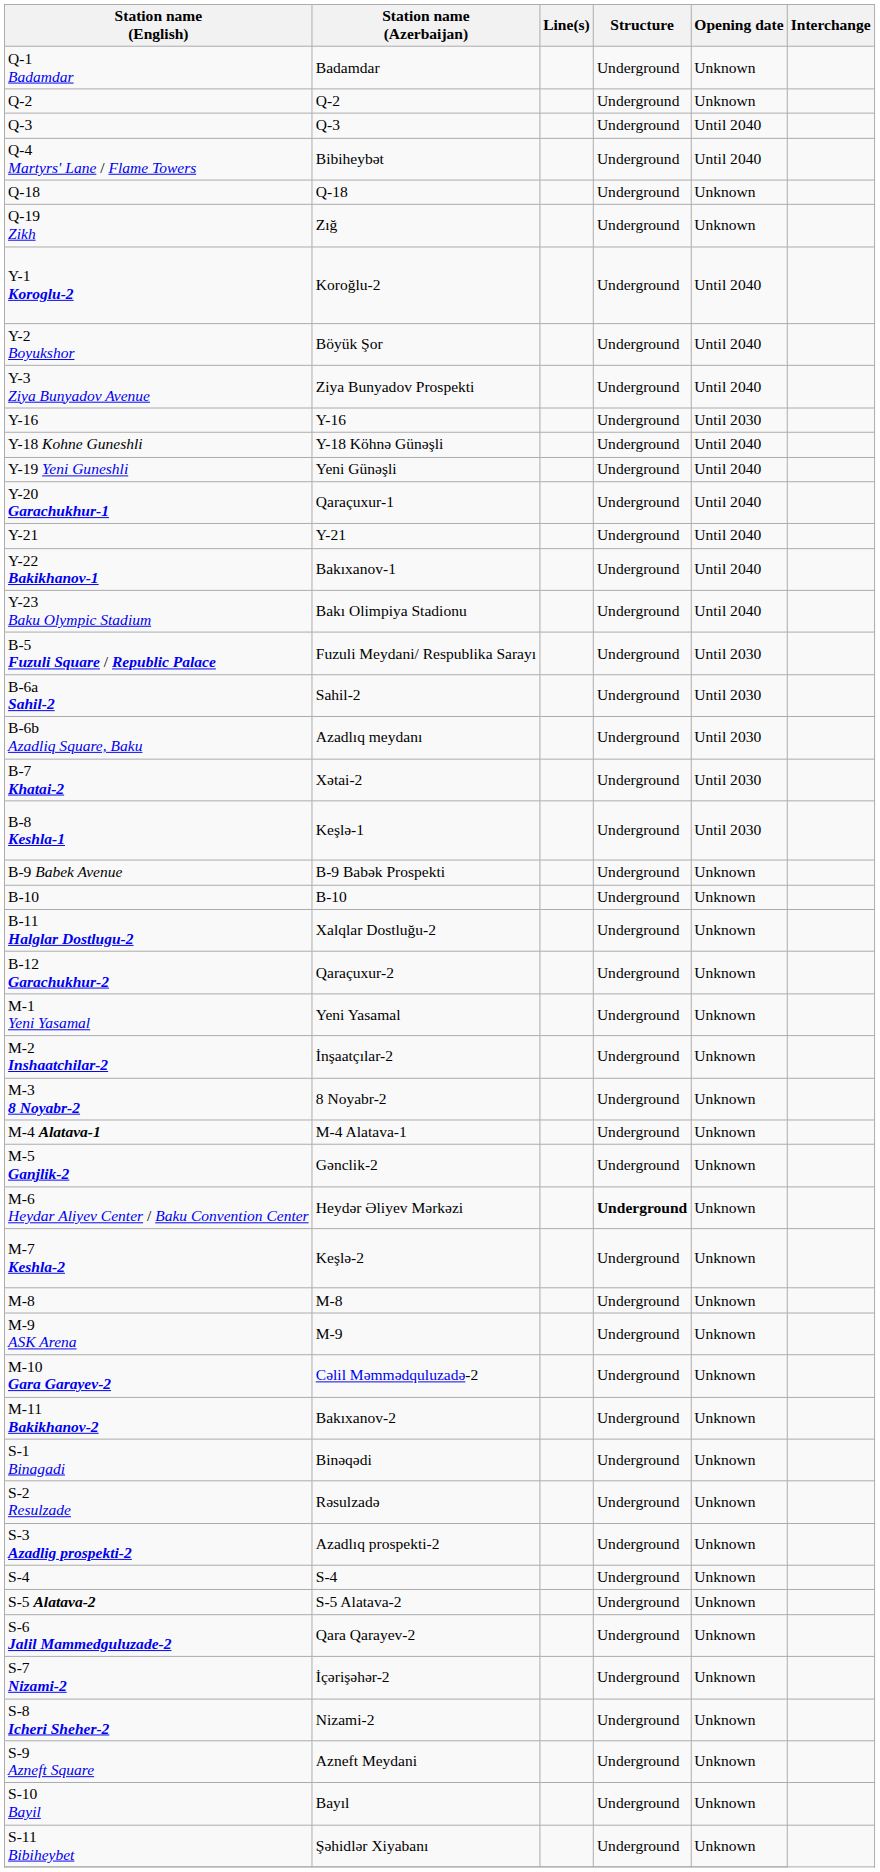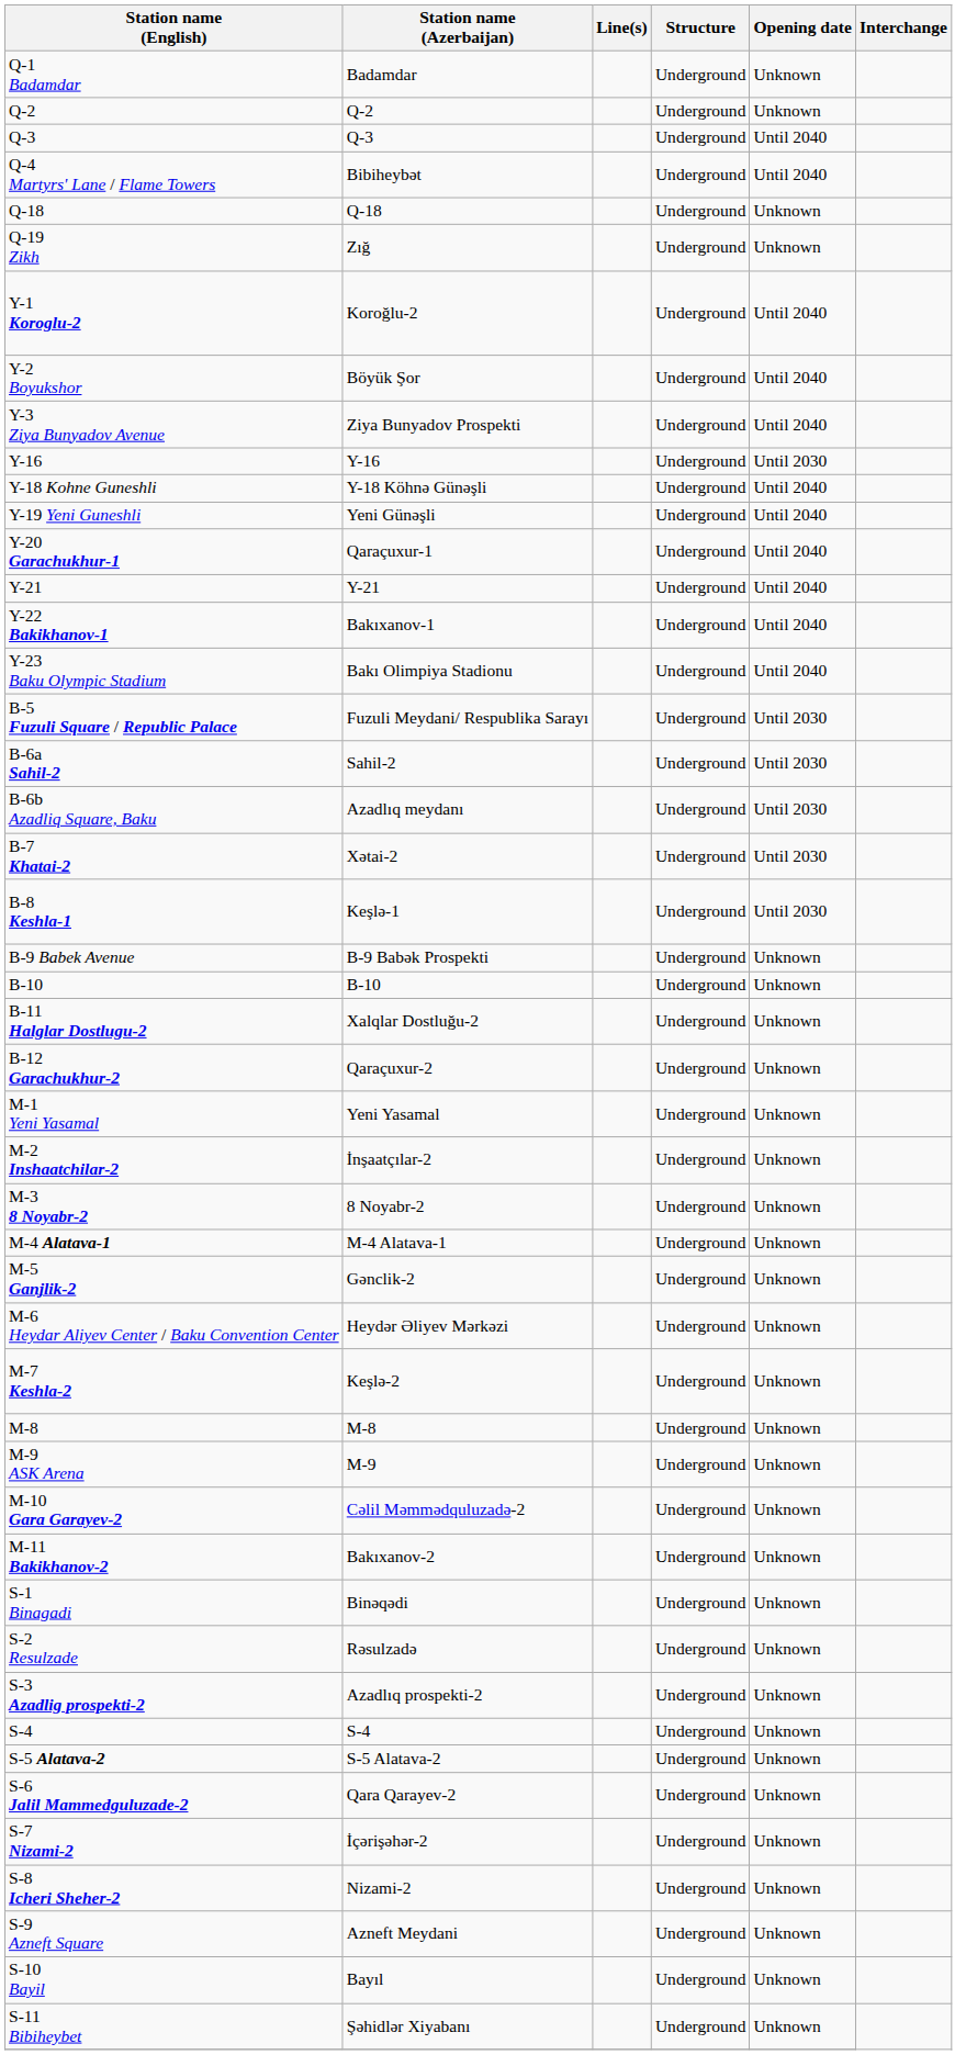 <table class="wikitable sortable">
 <tr>
 <th scope="col">Station name<br> (English)</th>
 <th ! scope="col">Station name<br> (Azerbaijan)</th>
 <th scope="col">Line(s)</th>
 <th scope="col">Structure</th>
 <th scope="col">Opening date</th>
 <th scope="col">Interchange</th>
 </tr>
 <tr>
 <td>Q-1<br><em><a href='#'>Badamdar</a></em></td>
 <td>Badamdar</td>
 <td></td>
 <td>Underground</td>
 <td>Unknown</td>
 <td></td>
 </tr>
 <tr>
 <td>Q-2</td>
 <td>Q-2</td>
 <td></td>
 <td>Underground</td>
 <td>Unknown</td>
 <td></td>
 </tr>
 <tr>
 <td>Q-3</td>
 <td>Q-3</td>
 <td></td>
 <td>Underground</td>
 <td>Until 2040</td>
 <td></td>
 </tr>
 <tr>
 <td>Q-4<br><em><a href='#'>Martyrs' Lane</a></em> / <em><a href='#'>Flame Towers</a></em></td>
 <td>Bibiheybət</td>
 <td></td>
 <td>Underground</td>
 <td>Until 2040</td>
 <td></td>
 </tr>
 <tr>
 <td>Q-18</td>
 <td>Q-18</td>
 <td></td>
 <td>Underground</td>
 <td>Unknown</td>
 <td></td>
 </tr>
 <tr>
 <td>Q-19<br><em><a href='#'>Zikh</a></em></td>
 <td>Zığ</td>
 <td></td>
 <td>Underground</td>
 <td>Unknown</td>
 <td></td>
 </tr>
 <tr>
 <td>Y-1 <br><strong><em><a href='#'>Koroglu-2</a></em></strong></td>
 <td>Koroğlu-2</td>
 <td> </td>
 <td>Underground</td>
 <td>Until 2040</td>
 <td><br><br><br><br></td>
 </tr>
 <tr>
 <td>Y-2 <br><em><a href='#'>Boyukshor</a></em></td>
 <td>Böyük Şor</td>
 <td></td>
 <td>Underground</td>
 <td>Until 2040</td>
 <td></td>
 </tr>
 <tr>
 <td>Y-3 <br><em><a href='#'> Ziya Bunyadov Avenue</a></em></td>
 <td>Ziya Bunyadov Prospekti</td>
 <td></td>
 <td>Underground</td>
 <td>Until 2040</td>
 <td></td>
 </tr>
 <tr>
 <td>Y-16 </td>
 <td>Y-16</td>
 <td></td>
 <td>Underground</td>
 <td>Until 2030</td>
 <td></td>
 </tr>
 <tr>
 <td>Y-18 <em>Kohne Guneshli</em></td>
 <td>Y-18  Köhnə Günəşli</td>
 <td></td>
 <td>Underground</td>
 <td>Until 2040</td>
 <td></td>
 </tr>
 <tr>
 <td>Y-19  <em><a href='#'>Yeni Guneshli</a></em></td>
 <td>Yeni Günəşli</td>
 <td></td>
 <td>Underground</td>
 <td>Until 2040</td>
 <td></td>
 </tr>
 <tr>
 <td>Y-20<br><strong><em><a href='#'>Garachukhur-1</a></em></strong></td>
 <td>Qaraçuxur-1</td>
 <td>  </td>
 <td>Underground</td>
 <td>Until 2040</td>
 <td></td>
 </tr>
 <tr>
 <td>Y-21</td>
 <td>Y-21</td>
 <td></td>
 <td>Underground</td>
 <td>Until 2040</td>
 <td></td>
 </tr>
 <tr>
 <td>Y-22<br><strong><em><a href='#'>Bakikhanov-1</a></em></strong></td>
 <td>Bakıxanov-1</td>
 <td> </td>
 <td>Underground</td>
 <td>Until 2040</td>
 <td><br><br> </td>
 </tr>
 <tr>
 <td>Y-23<br><em><a href='#'>Baku Olympic Stadium</a></em></td>
 <td>Bakı Olimpiya Stadionu</td>
 <td></td>
 <td>Underground</td>
 <td>Until 2040</td>
 <td> </td>
 </tr>
 <tr>
 <td>B-5<br><strong><em><a href='#'>Fuzuli Square</a></em></strong> / <strong><em><a href='#'>Republic Palace</a></em></strong></td>
 <td>Fuzuli Meydani/ Respublika Sarayı</td>
 <td> </td>
 <td>Underground</td>
 <td>Until 2030</td>
 <td></td>
 </tr>
 <tr>
 <td>B-6a<br><strong><em><a href='#'>Sahil-2</a></em></strong></td>
 <td>Sahil-2</td>
 <td> </td>
 <td>Underground</td>
 <td>Until 2030</td>
 <td></td>
 </tr>
 <tr>
 <td>B-6b<br><em><a href='#'>Azadliq Square, Baku</a></em></td>
 <td>Azadlıq meydanı</td>
 <td></td>
 <td>Underground</td>
 <td>Until 2030</td>
 <td> </td>
 </tr>
 <tr>
 <td>B-7<br><strong><em><a href='#'>Khatai-2</a></em></strong></td>
 <td>Xətai-2</td>
 <td> </td>
 <td>Underground</td>
 <td>Until 2030</td>
 <td></td>
 </tr>
 <tr>
 <td>B-8<br><strong><em><a href='#'>Keshla-1</a></em></strong></td>
 <td>Keşlə-1</td>
 <td> </td>
 <td>Underground</td>
 <td>Until 2030</td>
 <td><br><br> <br> </td>
 </tr>
 <tr>
 <td>B-9 <em>Babek Avenue</em></td>
 <td>B-9 Babək Prospekti</td>
 <td></td>
 <td>Underground</td>
 <td>Unknown</td>
 <td></td>
 </tr>
 <tr>
 <td>B-10</td>
 <td>B-10</td>
 <td></td>
 <td>Underground</td>
 <td>Unknown</td>
 <td></td>
 </tr>
 <tr>
 <td>B-11<br><strong><em><a href='#'>Halglar Dostlugu-2</a></em></strong></td>
 <td>Xalqlar Dostluğu-2</td>
 <td> </td>
 <td>Underground</td>
 <td>Unknown</td>
 <td></td>
 </tr>
 <tr>
 <td>B-12<br><strong><em><a href='#'>Garachukhur-2</a></em></strong></td>
 <td>Qaraçuxur-2</td>
 <td> </td>
 <td>Underground</td>
 <td>Unknown</td>
 <td></td>
 </tr>
 <tr>
 <td>M-1<br><em><a href='#'>Yeni Yasamal</a></em></td>
 <td>Yeni Yasamal</td>
 <td></td>
 <td>Underground</td>
 <td>Unknown</td>
 <td></td>
 </tr>
 <tr>
 <td>M-2<br><strong><em><a href='#'>Inshaatchilar-2</a></em></strong></td>
 <td>İnşaatçılar-2</td>
 <td>  </td>
 <td>Underground</td>
 <td>Unknown</td>
 <td></td>
 </tr>
 <tr>
 <td>M-3<br><strong><em><a href='#'>8 Noyabr-2</a></em></strong></td>
 <td>8 Noyabr-2</td>
 <td> </td>
 <td>Underground</td>
 <td>Unknown</td>
 <td></td>
 </tr>
 <tr>
 <td>M-4 <strong><em>Alatava-1</em></strong></td>
 <td>M-4 Alatava-1</td>
 <td> </td>
 <td>Underground</td>
 <td>Unknown</td>
 <td></td>
 </tr>
 <tr>
 <td>M-5<br><strong><em><a href='#'>Ganjlik-2</a></em></strong></td>
 <td>Gənclik-2</td>
 <td> </td>
 <td>Underground</td>
 <td>Unknown</td>
 <td></td>
 </tr>
 <tr>
 <td>M-6<br><em><a href='#'>Heydar Aliyev Center</a></em> / <em><a href='#'>Baku Convention Center</a></em></td>
 <td>Heydər Əliyev Mərkəzi</td>
 <td></td>
-<td><strong>Underground</strong></td>
+<td>Underground</td>
 <td>Unknown</td>
 <td></td>
 </tr>
 <tr>
 <td>M-7<br><strong><em><a href='#'>Keshla-2</a></em></strong></td>
 <td>Keşlə-2</td>
 <td> </td>
 <td>Underground</td>
 <td>Unknown</td>
 <td><br><br><br> </td>
 </tr>
 <tr>
 <td>M-8</td>
 <td>M-8</td>
 <td></td>
 <td>Underground</td>
 <td>Unknown</td>
 <td></td>
 </tr>
 <tr>
 <td>M-9<br><em><a href='#'>ASK Arena</a></em></td>
 <td>M-9</td>
 <td></td>
 <td>Underground</td>
 <td>Unknown</td>
 <td></td>
 </tr>
 <tr>
 <td>M-10<br><strong><em><a href='#'>Gara Garayev-2</a></em></strong></td>
 <td><a href='#'>Cəlil Məmmədquluzadə</a>-2</td>
 <td> </td>
 <td>Underground</td>
 <td>Unknown</td>
 <td></td>
 </tr>
 <tr>
 <td>M-11<br><strong><em><a href='#'>Bakikhanov-2</a></em></strong></td>
 <td>Bakıxanov-2</td>
 <td> </td>
 <td>Underground</td>
 <td>Unknown</td>
 <td><br><br> </td>
 </tr>
 <tr>
 <td>S-1<br><em><a href='#'>Binagadi</a></em></td>
 <td>Binəqədi</td>
 <td></td>
 <td>Underground</td>
 <td>Unknown</td>
 <td></td>
 </tr>
 <tr>
 <td>S-2<br><em><a href='#'>Resulzade</a></em></td>
 <td>Rəsulzadə</td>
 <td></td>
 <td>Underground</td>
 <td>Unknown</td>
 <td></td>
 </tr>
 <tr>
 <td>S-3<br><strong><em><a href='#'>Azadlig prospekti-2</a></em></strong></td>
 <td>Azadlıq prospekti-2</td>
 <td>  </td>
 <td>Underground</td>
 <td>Unknown</td>
 <td></td>
 </tr>
 <tr>
 <td>S-4</td>
 <td>S-4</td>
 <td></td>
 <td>Underground</td>
 <td>Unknown</td>
 <td></td>
 </tr>
 <tr>
 <td>S-5 <strong><em>Alatava-2</em></strong></td>
 <td>S-5 Alatava-2</td>
 <td> </td>
 <td>Underground</td>
 <td>Unknown</td>
 <td></td>
 </tr>
 <tr>
 <td>S-6<br><strong><em><a href='#'>Jalil Mammedguluzade-2</a></em></strong></td>
 <td>Qara Qarayev-2</td>
 <td> </td>
 <td>Underground</td>
 <td>Unknown</td>
 <td></td>
 </tr>
 <tr>
 <td>S-7<br><strong><em><a href='#'>Nizami-2</a></em></strong></td>
 <td>İçərişəhər-2</td>
 <td> </td>
 <td>Underground</td>
 <td>Unknown</td>
 <td></td>
 </tr>
 <tr>
 <td>S-8<br><strong><em><a href='#'>Icheri Sheher-2</a></em></strong></td>
 <td>Nizami-2</td>
 <td> </td>
 <td>Underground</td>
 <td>Unknown</td>
 <td></td>
 </tr>
 <tr>
 <td>S-9<br><em><a href='#'>Azneft Square</a></em></td>
 <td>Azneft Meydani</td>
 <td></td>
 <td>Underground</td>
 <td>Unknown</td>
 <td></td>
 </tr>
 <tr>
 <td>S-10<br><em><a href='#'>Bayil</a></em></td>
 <td>Bayıl</td>
 <td></td>
 <td>Underground</td>
 <td>Unknown</td>
 <td></td>
 </tr>
 <tr>
 <td>S-11<br><em><a href='#'>Bibiheybet</a></em></td>
 <td>Şəhidlər Xiyabanı</td>
 <td></td>
 <td>Underground</td>
 <td>Unknown</td>
 </tr>
 <tr>
 </tr>
 </table>
